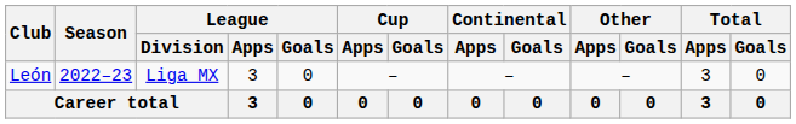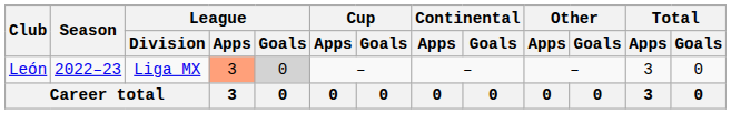 <table class="wikitable" style="text-align: center">
 <tr>
 <th rowspan="2">Club</th>
 <th rowspan="2">Season</th>
 <th colspan="3">League</th>
 <th colspan="2">Cup</th>
 <th colspan="2">Continental</th>
 <th colspan="2">Other</th>
 <th colspan="2">Total</th>
 </tr>
 <tr>
 <th>Division</th>
 <th>Apps</th>
 <th>Goals</th>
 <th>Apps</th>
 <th>Goals</th>
 <th>Apps</th>
 <th>Goals</th>
 <th>Apps</th>
 <th>Goals</th>
 <th>Apps</th>
 <th>Goals</th>
 </tr>
 <tr>
 <td><a href='#'>León</a></td>
 <td><a href='#'>2022–23</a></td>
 <td><a href='#'>Liga MX</a></td>
-<td>3</td>
-<td>0</td>
+<td style="background: lightsalmon;">3</td>
+<td style="background: lightgrey;">0</td>
 <td colspan="2">–</td>
 <td colspan="2">–</td>
 <td colspan="2">–</td>
 <td>3</td>
 <td>0</td>
 </tr>
 <tr>
 <th colspan="3"><strong>Career total</strong></th>
 <th>3</th>
 <th>0</th>
 <th>0</th>
 <th>0</th>
 <th>0</th>
 <th>0</th>
 <th>0</th>
 <th>0</th>
 <th>3</th>
 <th>0</th>
 </tr>
 </table>
